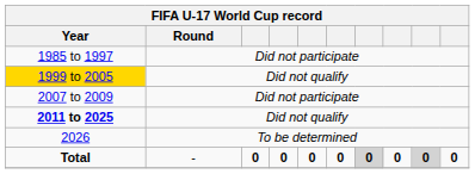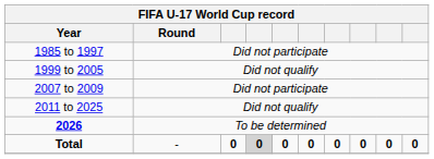 <table class="wikitable" style="text-align: center; font-size: 90%;">
 <tr>
 <th colspan=10>FIFA U-17 World Cup record</th>
 </tr>
 <tr>
 <th width=150>Year</th>
 <th width=100>Round</th>
 <th width=25></th>
 <th width=25></th>
 <th width=25></th>
 <th width=25></th>
 <th width=25></th>
 <th width=25></th>
 <th width=25></th>
 <th width=25></th>
 </tr>
 <tr>
 <td> <a href='#'>1985</a> to  <a href='#'>1997</a></td>
 <td colspan=10><em>Did not participate</em></td>
 </tr>
 <tr>
-<td style="background: gold;"> <a href='#'>1999</a> to  <a href='#'>2005</a></td>
+<td> <a href='#'>1999</a> to  <a href='#'>2005</a></td>
 <td colspan=10><em>Did not qualify</em></td>
 </tr>
 <tr>
 <td> <a href='#'>2007</a> to  <a href='#'>2009</a></td>
 <td colspan=10><em>Did not participate</em></td>
 </tr>
 <tr>
-<td><strong> <a href='#'>2011</a> to  <a href='#'>2025</a></strong></td>
+<td> <a href='#'>2011</a> to  <a href='#'>2025</a></td>
 <td colspan=10><em>Did not qualify</em></td>
 </tr>
 <tr>
-<td> <a href='#'>2026</a></td>
+<td><strong> <a href='#'>2026</a></strong></td>
 <td colspan=10><em>To be determined</em></td>
 </tr>
 <tr>
 <td><strong>Total</strong></td>
 <td>-</td>
 <td><strong>0</strong></td>
+<td style="background: lightgrey;"><strong>0</strong></td>
 <td><strong>0</strong></td>
 <td><strong>0</strong></td>
 <td><strong>0</strong></td>
-<td style="background: lightgrey;"><strong>0</strong></td>
 <td><strong>0</strong></td>
-<td style="background: lightgrey;"><strong>0</strong></td>
+<td><strong>0</strong></td>
 <td><strong>0</strong></td>
 </tr>
 <tr>
 </tr>
 </table>
